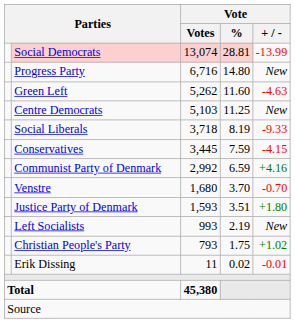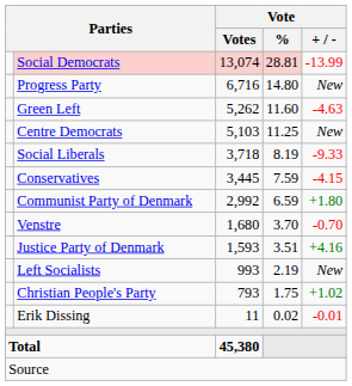 <table class="wikitable" style="text-align:right;">
 <tr>
 <th style="text-align:centre;" rowspan="2" colspan="2" width="225">Parties</th>
 <th colspan="3">Vote</th>
 </tr>
 <tr>
 <th width="15">Votes</th>
 <th width="15">%</th>
 <th width="15">+ / -</th>
 </tr>
 <tr>
 <td width="2" style="color:inherit;background:"></td>
 <td bgcolor=#fbd0ce  align="left"><a href='#'>Social Democrats</a></td>
 <td bgcolor=#fbd0ce>13,074</td>
 <td bgcolor=#fbd0ce>28.81</td>
 <td style=color:red;>-13.99</td>
 </tr>
 <tr>
 <td width="2" style="color:inherit;background:"></td>
 <td align="left"><a href='#'>Progress Party</a></td>
 <td>6,716</td>
 <td>14.80</td>
 <td><em>New</em></td>
 </tr>
 <tr>
 <td width="2" style="color:inherit;background:"></td>
 <td align="left"><a href='#'>Green Left</a></td>
 <td>5,262</td>
 <td>11.60</td>
 <td style=color:red;>-4.63</td>
 </tr>
 <tr>
 <td width="2" style="color:inherit;background:"></td>
 <td align="left"><a href='#'>Centre Democrats</a></td>
 <td>5,103</td>
 <td>11.25</td>
 <td><em>New</em></td>
 </tr>
 <tr>
 <td width="2" style="color:inherit;background:"></td>
 <td align="left"><a href='#'>Social Liberals</a></td>
 <td>3,718</td>
 <td>8.19</td>
 <td style=color:red;>-9.33</td>
 </tr>
 <tr>
 <td width="2" style="color:inherit;background:"></td>
 <td align="left"><a href='#'>Conservatives</a></td>
 <td>3,445</td>
 <td>7.59</td>
 <td style=color:red;>-4.15</td>
 </tr>
 <tr>
 <td width="2" style="color:inherit;background:"></td>
 <td align="left"><a href='#'>Communist Party of Denmark</a></td>
 <td>2,992</td>
 <td>6.59</td>
-<td style=color:green;>+4.16</td>
+<td style=color:green;>+1.80</td>
 </tr>
 <tr>
 <td width="2" style="color:inherit;background:"></td>
 <td align="left"><a href='#'>Venstre</a></td>
 <td>1,680</td>
 <td>3.70</td>
 <td style=color:red;>-0.70</td>
 </tr>
 <tr>
 <td width="2" style="color:inherit;background:"></td>
 <td align="left"><a href='#'>Justice Party of Denmark</a></td>
 <td>1,593</td>
 <td>3.51</td>
-<td style=color:green;>+1.80</td>
+<td style=color:green;>+4.16</td>
 </tr>
 <tr>
 <td width="2" style="color:inherit;background:"></td>
 <td align="left"><a href='#'>Left Socialists</a></td>
 <td>993</td>
 <td>2.19</td>
 <td><em>New</em></td>
 </tr>
 <tr>
 <td width="2" style="color:inherit;background:"></td>
 <td align="left"><a href='#'>Christian People's Party</a></td>
 <td>793</td>
 <td>1.75</td>
 <td style=color:green;>+1.02</td>
 </tr>
 <tr>
 <td width="2" style="color:inherit;background:"></td>
 <td align="left">Erik Dissing</td>
 <td>11</td>
 <td>0.02</td>
 <td style=color:red;>-0.01</td>
 </tr>
 <tr>
 <td colspan="7" bgcolor="#E9E9E9"></td>
 </tr>
 <tr>
 <td align="left" colspan="2"><strong>Total</strong></td>
 <td><strong>45,380</strong></td>
 <td bgcolor="#E9E9E9" colspan="2"></td>
 </tr>
 <tr>
 <td align="left" colspan="6">Source</td>
 </tr>
 </table>
